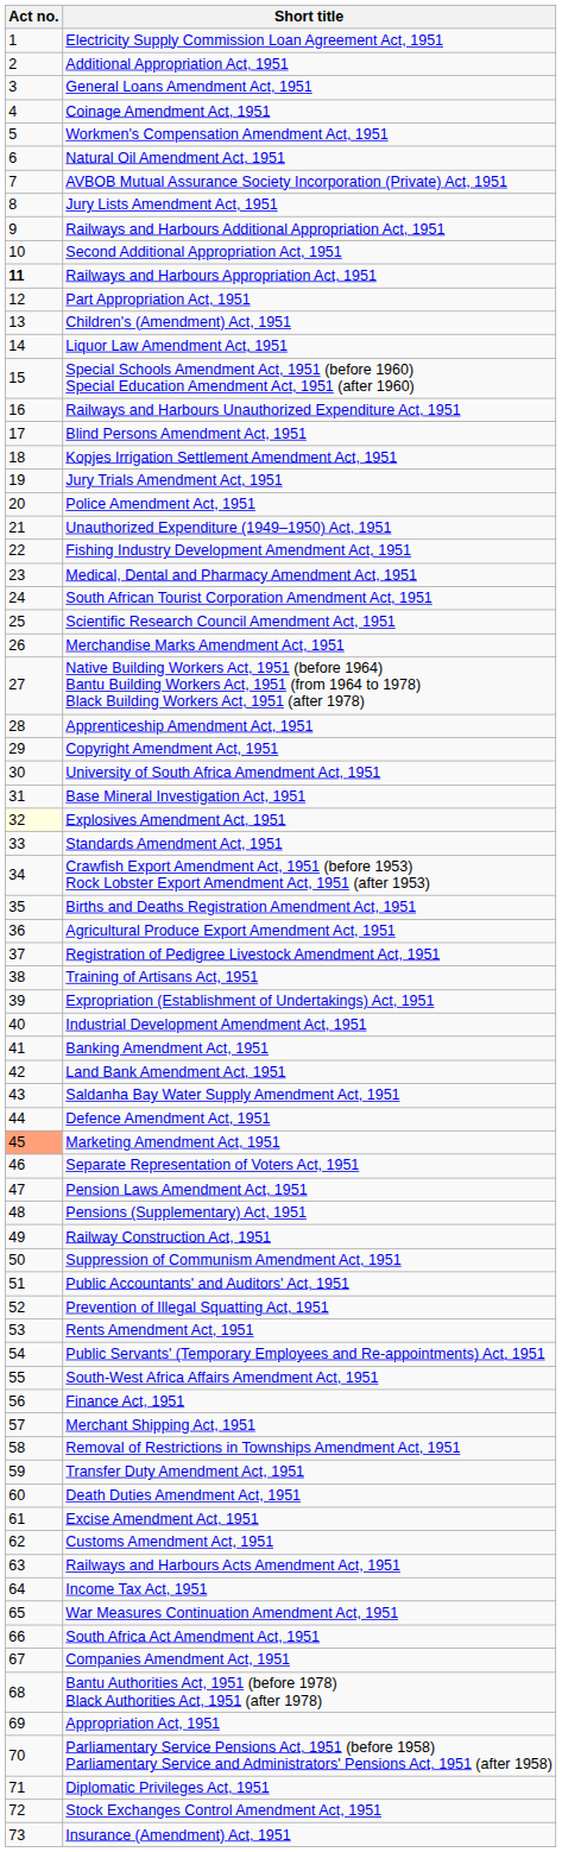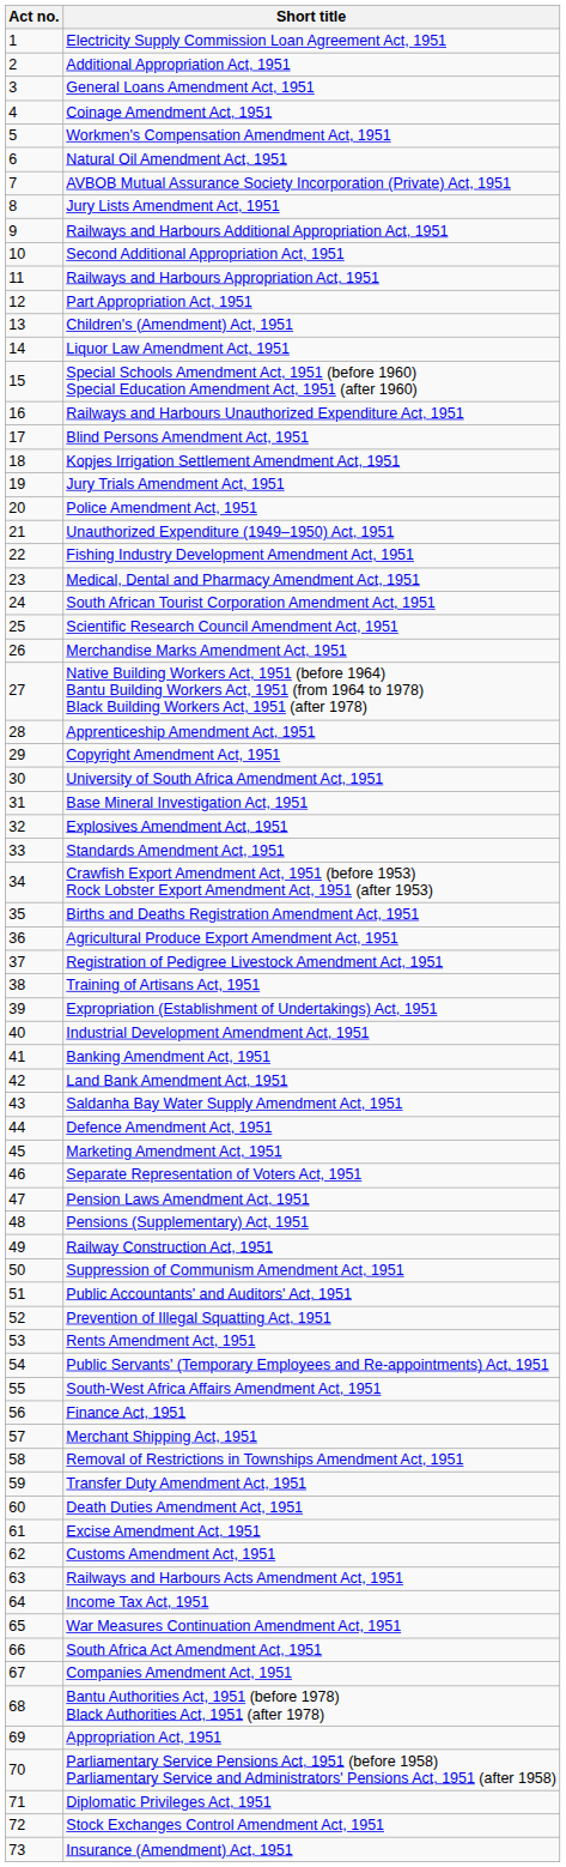 <table class="wikitable sortable">
 <tr>
 <th>Act no.</th>
 <th>Short title</th>
 </tr>
 <tr>
 <td>1</td>
 <td><a href='#'>Electricity Supply Commission Loan Agreement Act, 1951</a></td>
 </tr>
 <tr>
 <td>2</td>
 <td><a href='#'>Additional Appropriation Act, 1951</a></td>
 </tr>
 <tr>
 <td>3</td>
 <td><a href='#'>General Loans Amendment Act, 1951</a></td>
 </tr>
 <tr>
 <td>4</td>
 <td><a href='#'>Coinage Amendment Act, 1951</a></td>
 </tr>
 <tr>
 <td>5</td>
 <td><a href='#'>Workmen's Compensation Amendment Act, 1951</a></td>
 </tr>
 <tr>
 <td>6</td>
 <td><a href='#'>Natural Oil Amendment Act, 1951</a></td>
 </tr>
 <tr>
 <td>7</td>
 <td><a href='#'>AVBOB Mutual Assurance Society Incorporation (Private) Act, 1951</a></td>
 </tr>
 <tr>
 <td>8</td>
 <td><a href='#'>Jury Lists Amendment Act, 1951</a></td>
 </tr>
 <tr>
 <td>9</td>
 <td><a href='#'>Railways and Harbours Additional Appropriation Act, 1951</a></td>
 </tr>
 <tr>
 <td>10</td>
 <td><a href='#'>Second Additional Appropriation Act, 1951</a></td>
 </tr>
 <tr>
-<td><strong>11</strong></td>
+<td>11</td>
 <td><a href='#'>Railways and Harbours Appropriation Act, 1951</a></td>
 </tr>
 <tr>
 <td>12</td>
 <td><a href='#'>Part Appropriation Act, 1951</a></td>
 </tr>
 <tr>
 <td>13</td>
 <td><a href='#'>Children's (Amendment) Act, 1951</a></td>
 </tr>
 <tr>
 <td>14</td>
 <td><a href='#'>Liquor Law Amendment Act, 1951</a></td>
 </tr>
 <tr>
 <td>15</td>
 <td><a href='#'>Special Schools Amendment Act, 1951</a> (before 1960) <br><a href='#'>Special Education Amendment Act, 1951</a> (after 1960)</td>
 </tr>
 <tr>
 <td>16</td>
 <td><a href='#'>Railways and Harbours Unauthorized Expenditure Act, 1951</a></td>
 </tr>
 <tr>
 <td>17</td>
 <td><a href='#'>Blind Persons Amendment Act, 1951</a></td>
 </tr>
 <tr>
 <td>18</td>
 <td><a href='#'>Kopjes Irrigation Settlement Amendment Act, 1951</a></td>
 </tr>
 <tr>
 <td>19</td>
 <td><a href='#'>Jury Trials Amendment Act, 1951</a></td>
 </tr>
 <tr>
 <td>20</td>
 <td><a href='#'>Police Amendment Act, 1951</a></td>
 </tr>
 <tr>
 <td>21</td>
 <td><a href='#'>Unauthorized Expenditure (1949–1950) Act, 1951</a></td>
 </tr>
 <tr>
 <td>22</td>
 <td><a href='#'>Fishing Industry Development Amendment Act, 1951</a></td>
 </tr>
 <tr>
 <td>23</td>
 <td><a href='#'>Medical, Dental and Pharmacy Amendment Act, 1951</a></td>
 </tr>
 <tr>
 <td>24</td>
 <td><a href='#'>South African Tourist Corporation Amendment Act, 1951</a></td>
 </tr>
 <tr>
 <td>25</td>
 <td><a href='#'>Scientific Research Council Amendment Act, 1951</a></td>
 </tr>
 <tr>
 <td>26</td>
 <td><a href='#'>Merchandise Marks Amendment Act, 1951</a></td>
 </tr>
 <tr>
 <td>27</td>
 <td><a href='#'>Native Building Workers Act, 1951</a> (before 1964) <br><a href='#'>Bantu Building Workers Act, 1951</a> (from 1964 to 1978) <br><a href='#'>Black Building Workers Act, 1951</a> (after 1978)</td>
 </tr>
 <tr>
 <td>28</td>
 <td><a href='#'>Apprenticeship Amendment Act, 1951</a></td>
 </tr>
 <tr>
 <td>29</td>
 <td><a href='#'>Copyright Amendment Act, 1951</a></td>
 </tr>
 <tr>
 <td>30</td>
 <td><a href='#'>University of South Africa Amendment Act, 1951</a></td>
 </tr>
 <tr>
 <td>31</td>
 <td><a href='#'>Base Mineral Investigation Act, 1951</a></td>
 </tr>
 <tr>
-<td style="background: lightyellow;">32</td>
+<td>32</td>
 <td><a href='#'>Explosives Amendment Act, 1951</a></td>
 </tr>
 <tr>
 <td>33</td>
 <td><a href='#'>Standards Amendment Act, 1951</a></td>
 </tr>
 <tr>
 <td>34</td>
 <td><a href='#'>Crawfish Export Amendment Act, 1951</a> (before 1953) <br><a href='#'>Rock Lobster Export Amendment Act, 1951</a> (after 1953)</td>
 </tr>
 <tr>
 <td>35</td>
 <td><a href='#'>Births and Deaths Registration Amendment Act, 1951</a></td>
 </tr>
 <tr>
 <td>36</td>
 <td><a href='#'>Agricultural Produce Export Amendment Act, 1951</a></td>
 </tr>
 <tr>
 <td>37</td>
 <td><a href='#'>Registration of Pedigree Livestock Amendment Act, 1951</a></td>
 </tr>
 <tr>
 <td>38</td>
 <td><a href='#'>Training of Artisans Act, 1951</a></td>
 </tr>
 <tr>
 <td>39</td>
 <td><a href='#'>Expropriation (Establishment of Undertakings) Act, 1951</a></td>
 </tr>
 <tr>
 <td>40</td>
 <td><a href='#'>Industrial Development Amendment Act, 1951</a></td>
 </tr>
 <tr>
 <td>41</td>
 <td><a href='#'>Banking Amendment Act, 1951</a></td>
 </tr>
 <tr>
 <td>42</td>
 <td><a href='#'>Land Bank Amendment Act, 1951</a></td>
 </tr>
 <tr>
 <td>43</td>
 <td><a href='#'>Saldanha Bay Water Supply Amendment Act, 1951</a></td>
 </tr>
 <tr>
 <td>44</td>
 <td><a href='#'>Defence Amendment Act, 1951</a></td>
 </tr>
 <tr>
-<td style="background: lightsalmon;">45</td>
+<td>45</td>
 <td><a href='#'>Marketing Amendment Act, 1951</a></td>
 </tr>
 <tr>
 <td>46</td>
 <td><a href='#'>Separate Representation of Voters Act, 1951</a></td>
 </tr>
 <tr>
 <td>47</td>
 <td><a href='#'>Pension Laws Amendment Act, 1951</a></td>
 </tr>
 <tr>
 <td>48</td>
 <td><a href='#'>Pensions (Supplementary) Act, 1951</a></td>
 </tr>
 <tr>
 <td>49</td>
 <td><a href='#'>Railway Construction Act, 1951</a></td>
 </tr>
 <tr>
 <td>50</td>
 <td><a href='#'>Suppression of Communism Amendment Act, 1951</a></td>
 </tr>
 <tr>
 <td>51</td>
 <td><a href='#'>Public Accountants' and Auditors' Act, 1951</a></td>
 </tr>
 <tr>
 <td>52</td>
 <td><a href='#'>Prevention of Illegal Squatting Act, 1951</a></td>
 </tr>
 <tr>
 <td>53</td>
 <td><a href='#'>Rents Amendment Act, 1951</a></td>
 </tr>
 <tr>
 <td>54</td>
 <td><a href='#'>Public Servants' (Temporary Employees and Re-appointments) Act, 1951</a></td>
 </tr>
 <tr>
 <td>55</td>
 <td><a href='#'>South-West Africa Affairs Amendment Act, 1951</a></td>
 </tr>
 <tr>
 <td>56</td>
 <td><a href='#'>Finance Act, 1951</a></td>
 </tr>
 <tr>
 <td>57</td>
 <td><a href='#'>Merchant Shipping Act, 1951</a></td>
 </tr>
 <tr>
 <td>58</td>
 <td><a href='#'>Removal of Restrictions in Townships Amendment Act, 1951</a></td>
 </tr>
 <tr>
 <td>59</td>
 <td><a href='#'>Transfer Duty Amendment Act, 1951</a></td>
 </tr>
 <tr>
 <td>60</td>
 <td><a href='#'>Death Duties Amendment Act, 1951</a></td>
 </tr>
 <tr>
 <td>61</td>
 <td><a href='#'>Excise Amendment Act, 1951</a></td>
 </tr>
 <tr>
 <td>62</td>
 <td><a href='#'>Customs Amendment Act, 1951</a></td>
 </tr>
 <tr>
 <td>63</td>
 <td><a href='#'>Railways and Harbours Acts Amendment Act, 1951</a></td>
 </tr>
 <tr>
 <td>64</td>
 <td><a href='#'>Income Tax Act, 1951</a></td>
 </tr>
 <tr>
 <td>65</td>
 <td><a href='#'>War Measures Continuation Amendment Act, 1951</a></td>
 </tr>
 <tr>
 <td>66</td>
 <td><a href='#'>South Africa Act Amendment Act, 1951</a></td>
 </tr>
 <tr>
 <td>67</td>
 <td><a href='#'>Companies Amendment Act, 1951</a></td>
 </tr>
 <tr>
 <td>68</td>
 <td><a href='#'>Bantu Authorities Act, 1951</a> (before 1978) <br><a href='#'>Black Authorities Act, 1951</a> (after 1978)</td>
 </tr>
 <tr>
 <td>69</td>
 <td><a href='#'>Appropriation Act, 1951</a></td>
 </tr>
 <tr>
 <td>70</td>
 <td><a href='#'>Parliamentary Service Pensions Act, 1951</a> (before 1958) <br><a href='#'>Parliamentary Service and Administrators' Pensions Act, 1951</a> (after 1958)</td>
 </tr>
 <tr>
 <td>71</td>
 <td><a href='#'>Diplomatic Privileges Act, 1951</a></td>
 </tr>
 <tr>
 <td>72</td>
 <td><a href='#'>Stock Exchanges Control Amendment Act, 1951</a></td>
 </tr>
 <tr>
 <td>73</td>
 <td><a href='#'>Insurance (Amendment) Act, 1951</a></td>
 </tr>
 </table>
